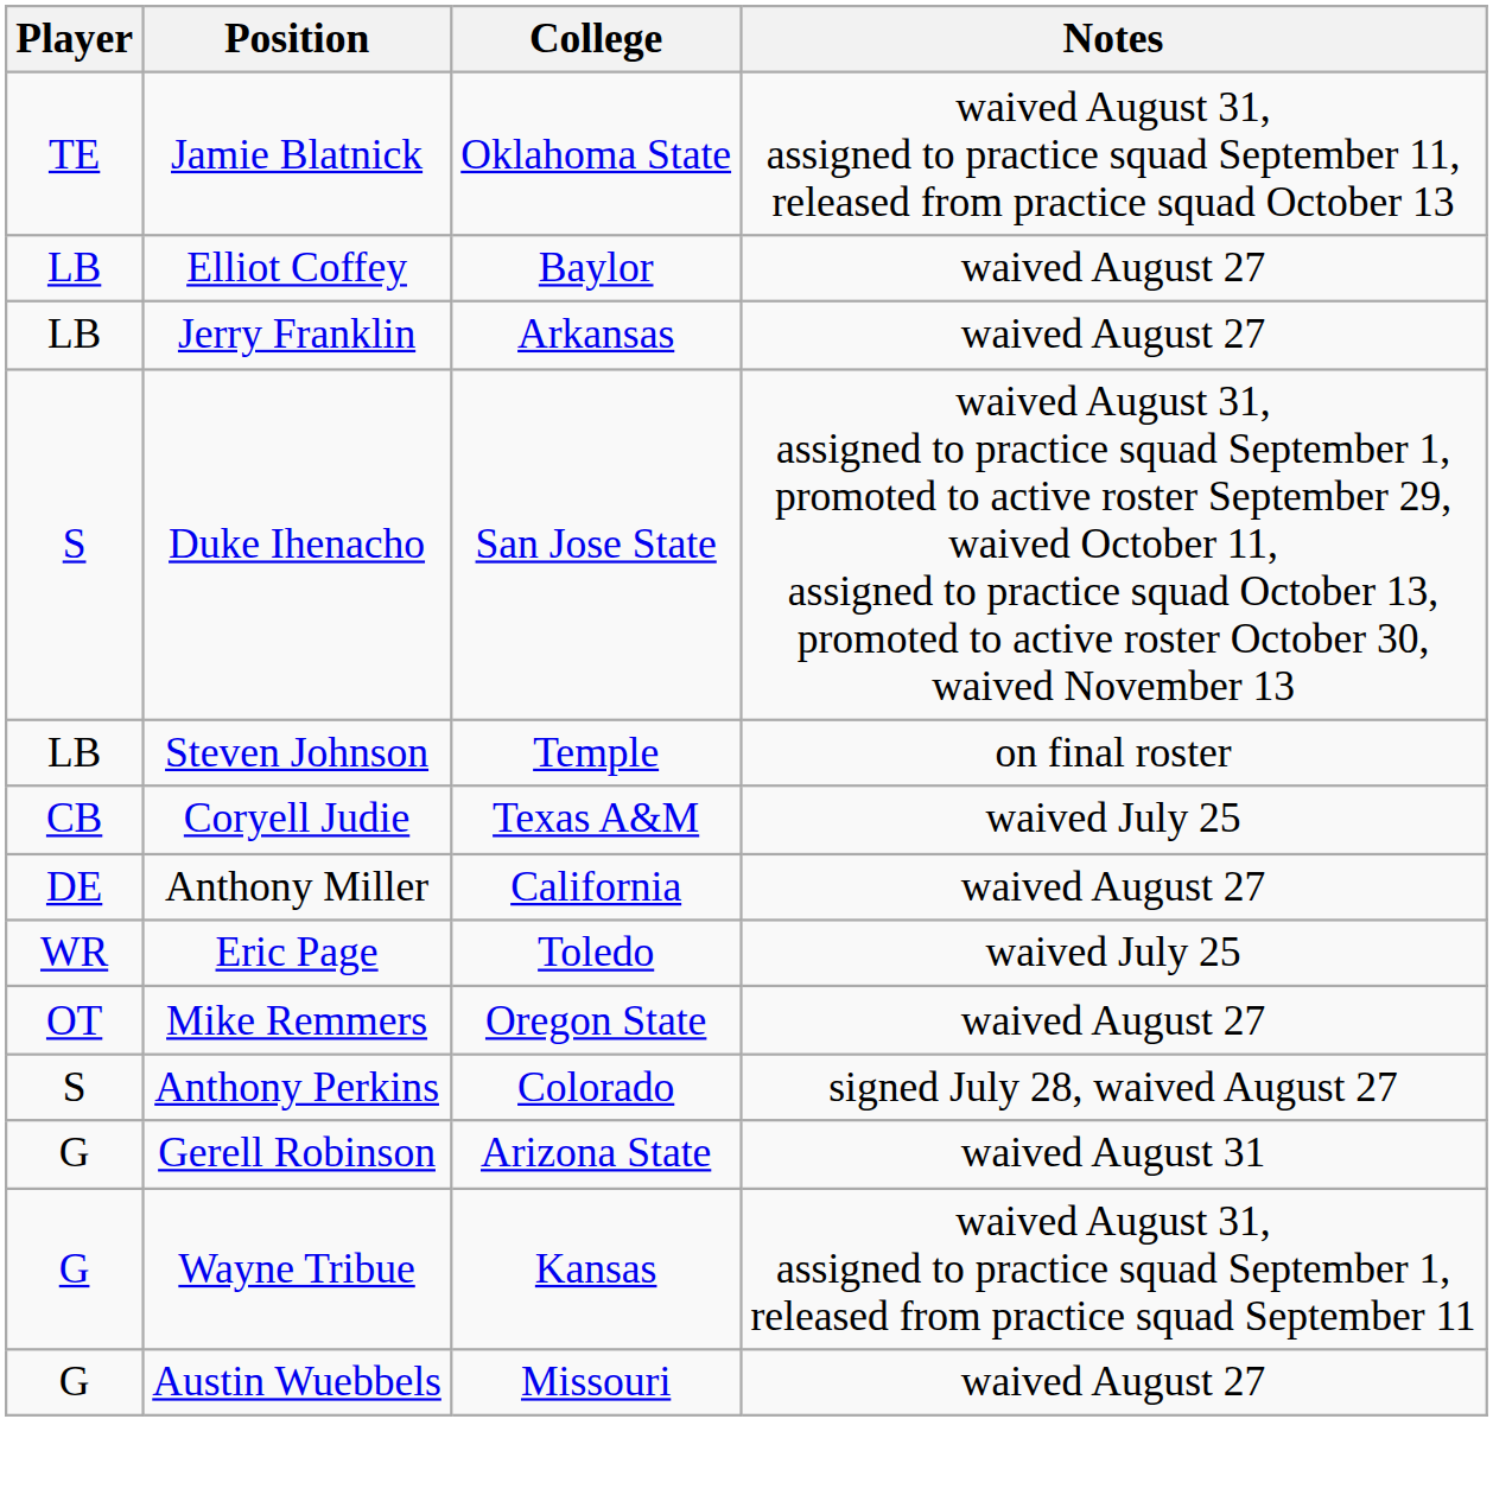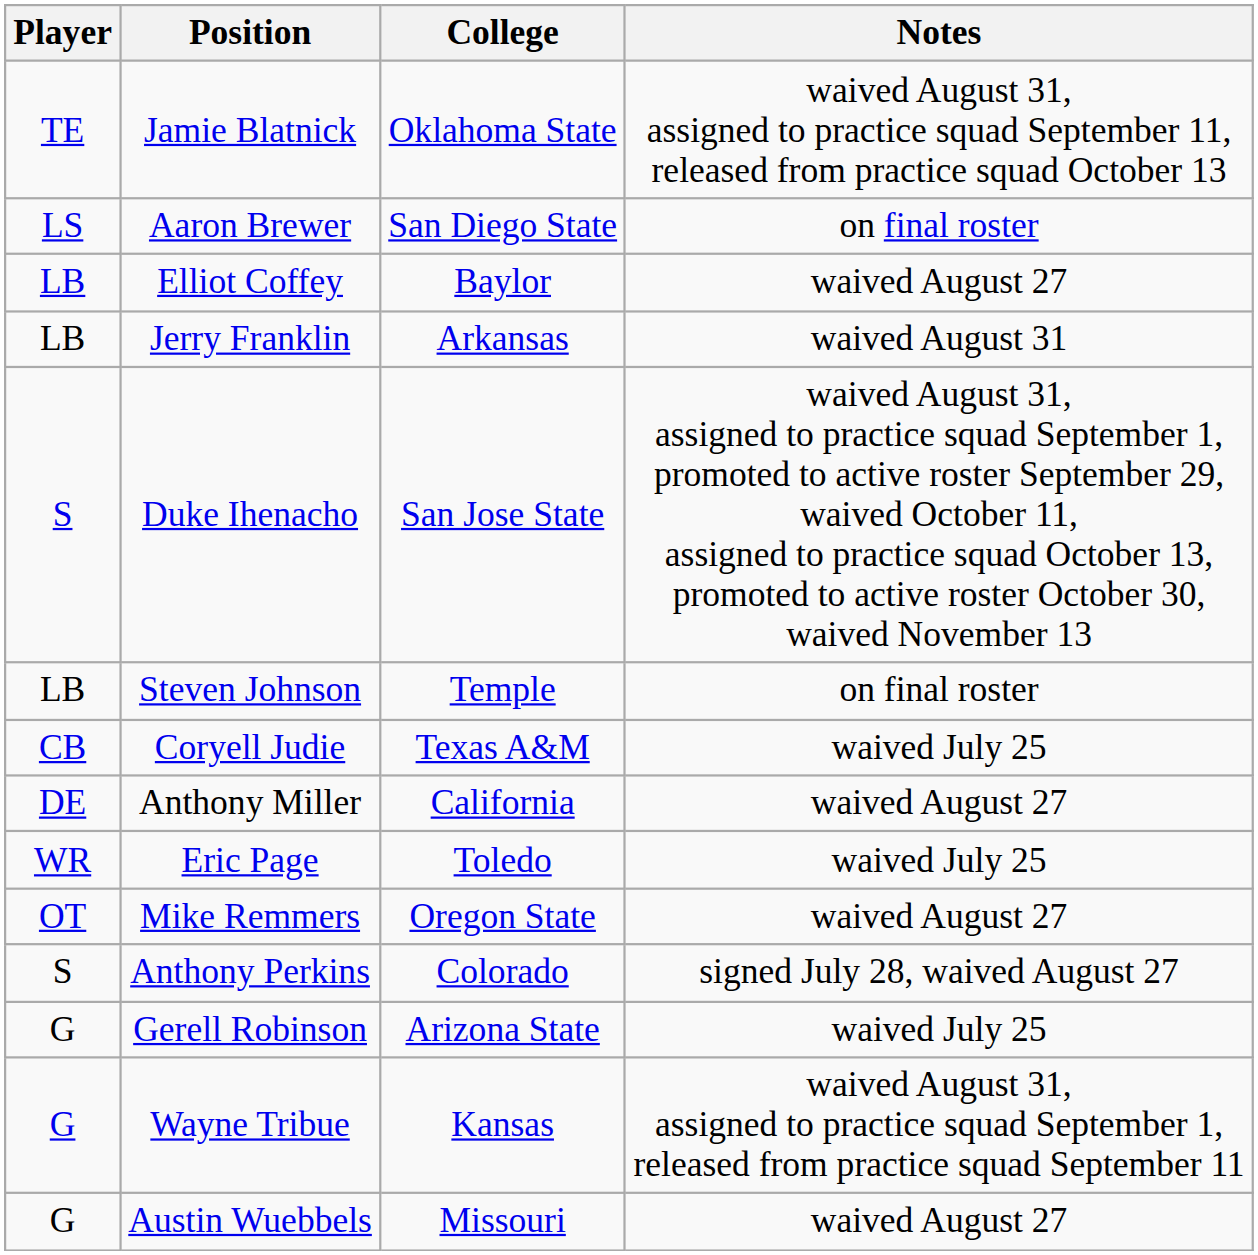 <table class="wikitable" style="text-align:center">
 <tr>
 <th>Player</th>
 <th>Position</th>
 <th>College</th>
 <th>Notes</th>
 </tr>
 <tr>
 <td><a href='#'>TE</a></td>
 <td><a href='#'>Jamie Blatnick</a></td>
 <td><a href='#'>Oklahoma State</a></td>
 <td>waived August 31,<br>assigned to practice squad September 11,<br>released from practice squad October 13</td>
 </tr>
 <tr>
+<td><a href='#'>LS</a></td>
+<td><a href='#'>Aaron Brewer</a></td>
+<td><a href='#'>San Diego State</a></td>
+<td>on <a href='#'>final roster</a></td>
+</tr>
+<tr>
 <td><a href='#'>LB</a></td>
 <td><a href='#'>Elliot Coffey</a></td>
 <td><a href='#'>Baylor</a></td>
 <td>waived August 27</td>
 </tr>
 <tr>
 <td>LB</td>
 <td><a href='#'>Jerry Franklin</a></td>
 <td><a href='#'>Arkansas</a></td>
-<td>waived August 27</td>
+<td>waived August 31</td>
 </tr>
 <tr>
 <td><a href='#'>S</a></td>
 <td><a href='#'>Duke Ihenacho</a></td>
 <td><a href='#'>San Jose State</a></td>
 <td>waived August 31,<br>assigned to practice squad September 1,<br>promoted to active roster September 29,<br>waived October 11,<br>assigned to practice squad October 13,<br>promoted to active roster October 30,<br>waived November 13</td>
 </tr>
 <tr>
 <td>LB</td>
 <td><a href='#'>Steven Johnson</a></td>
 <td><a href='#'>Temple</a></td>
 <td>on final roster</td>
 </tr>
 <tr>
 <td><a href='#'>CB</a></td>
 <td><a href='#'>Coryell Judie</a></td>
 <td><a href='#'>Texas A&M</a></td>
 <td>waived July 25</td>
 </tr>
 <tr>
 <td><a href='#'>DE</a></td>
 <td>Anthony Miller</td>
 <td><a href='#'>California</a></td>
 <td>waived August 27</td>
 </tr>
 <tr>
 <td><a href='#'>WR</a></td>
 <td><a href='#'>Eric Page</a></td>
 <td><a href='#'>Toledo</a></td>
 <td>waived July 25</td>
 </tr>
 <tr>
 <td><a href='#'>OT</a></td>
 <td><a href='#'>Mike Remmers</a></td>
 <td><a href='#'>Oregon State</a></td>
 <td>waived August 27</td>
 </tr>
 <tr>
 <td>S</td>
 <td><a href='#'>Anthony Perkins</a></td>
 <td><a href='#'>Colorado</a></td>
 <td>signed July 28, waived August 27</td>
 </tr>
 <tr>
 <td>G</td>
 <td><a href='#'>Gerell Robinson</a></td>
 <td><a href='#'>Arizona State</a></td>
-<td>waived August 31</td>
+<td>waived July 25</td>
 </tr>
 <tr>
 <td><a href='#'>G</a></td>
 <td><a href='#'>Wayne Tribue</a></td>
 <td><a href='#'>Kansas</a></td>
 <td>waived August 31,<br>assigned to practice squad September 1,<br>released from practice squad September 11</td>
 </tr>
 <tr>
 <td>G</td>
 <td><a href='#'>Austin Wuebbels</a></td>
 <td><a href='#'>Missouri</a></td>
 <td>waived August 27</td>
 </tr>
 </table>
